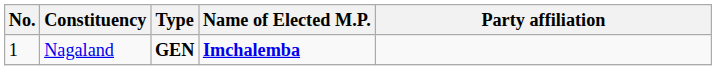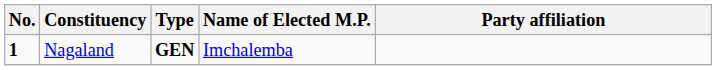 <table class="wikitable" style="font-size:95%;">
 <tr>
 <th>No.</th>
 <th>Constituency</th>
 <th>Type</th>
 <th>Name of Elected M.P.</th>
 <th colspan="2" style="width:18em">Party affiliation</th>
 </tr>
 <tr>
-<td>1</td>
+<td><strong>1</strong></td>
 <td><a href='#'>Nagaland</a></td>
 <td><strong>GEN</strong></td>
-<td><strong><a href='#'>Imchalemba</a></strong></td>
+<td><a href='#'>Imchalemba</a></td>
 <td></td>
 </tr>
 <tr>
 </tr>
 </table>
